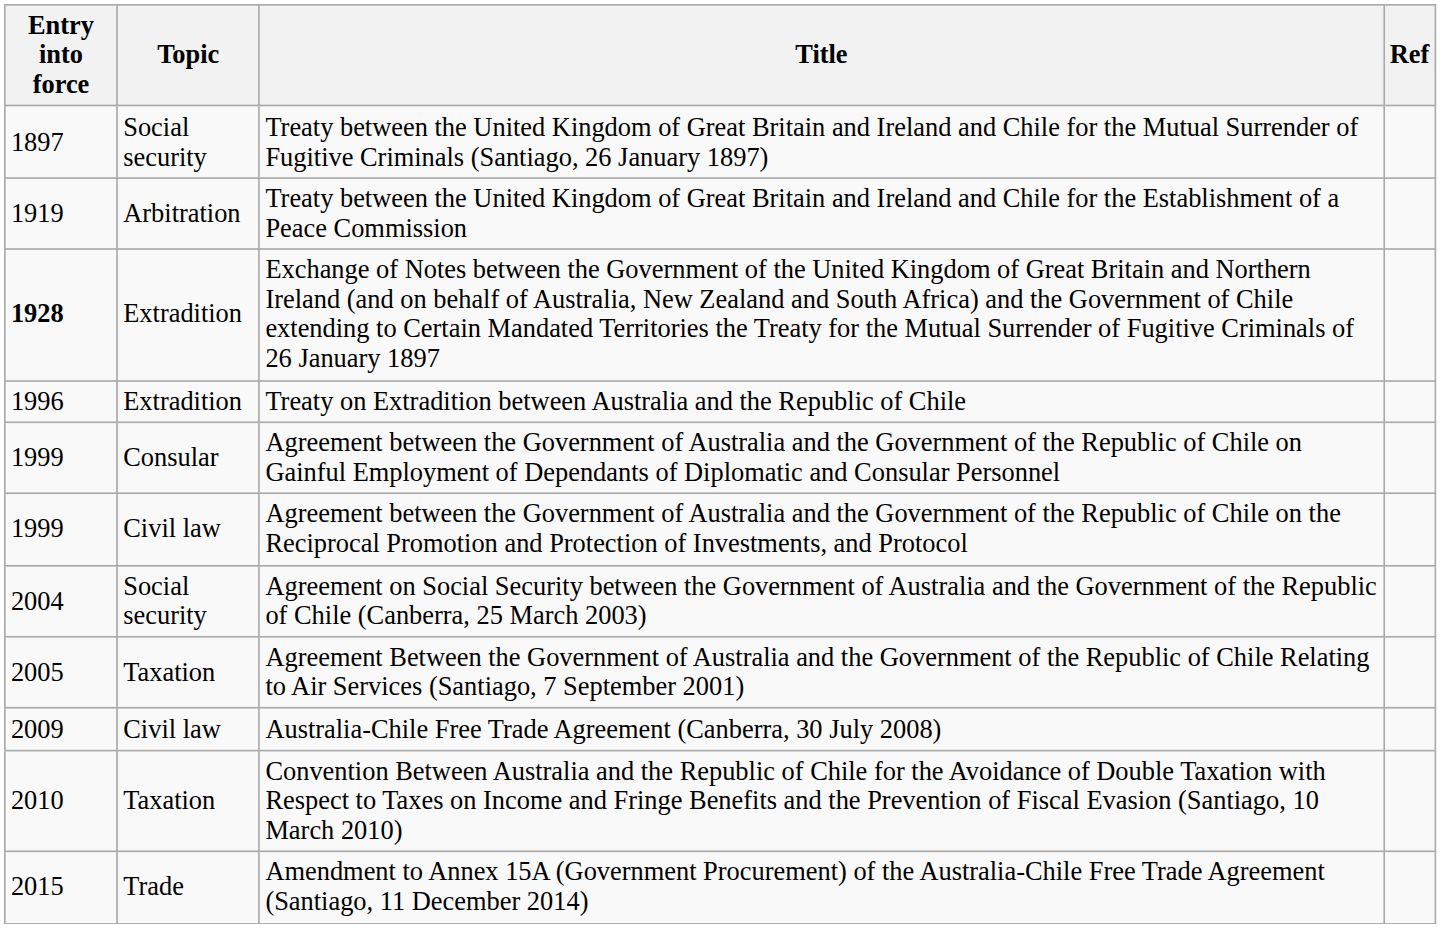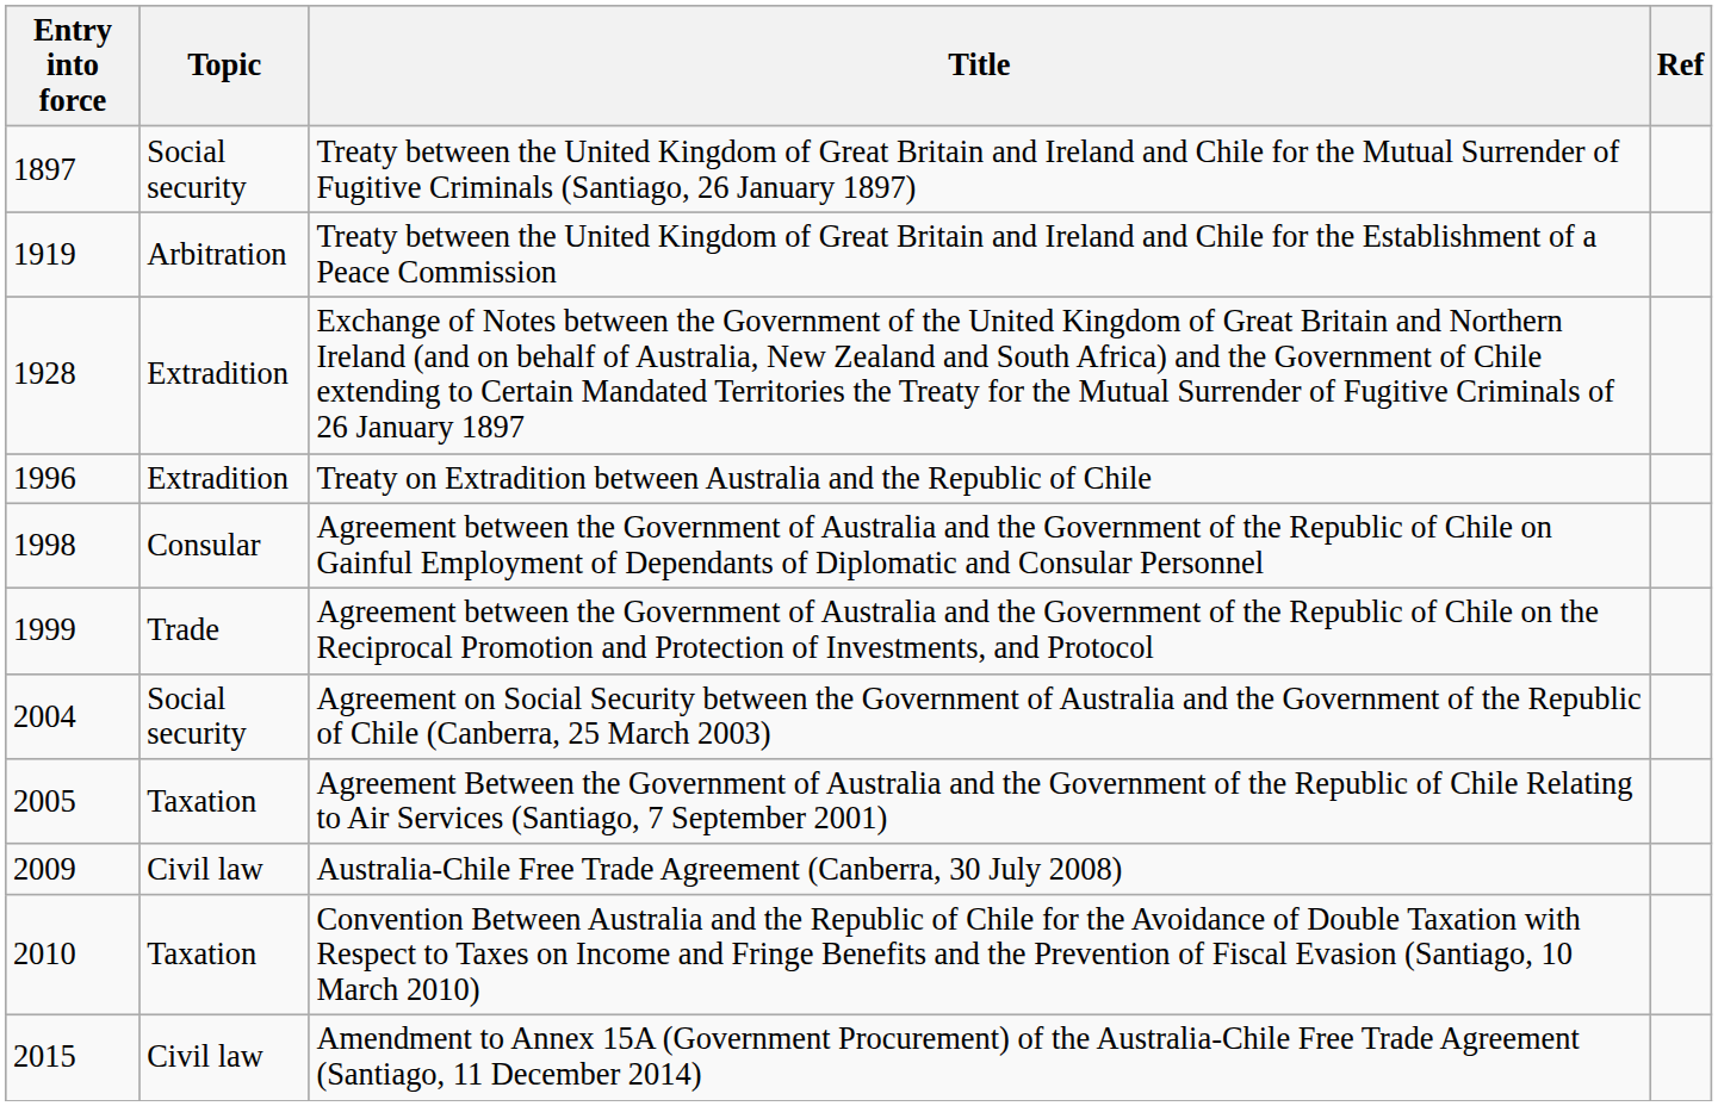 <table class="wikitable sortable">
 <tr>
 <th>Entry into force</th>
 <th>Topic</th>
 <th>Title</th>
 <th>Ref</th>
 </tr>
 <tr>
 <td>1897</td>
 <td>Social security</td>
 <td>Treaty between the United Kingdom of Great Britain and Ireland and Chile for the Mutual Surrender of Fugitive Criminals (Santiago, 26 January 1897)</td>
 <td></td>
 </tr>
 <tr>
 <td>1919</td>
 <td>Arbitration</td>
 <td>Treaty between the United Kingdom of Great Britain and Ireland and Chile for the Establishment of a Peace Commission</td>
 <td></td>
 </tr>
 <tr>
-<td><strong>1928</strong></td>
+<td>1928</td>
 <td>Extradition</td>
 <td>Exchange of Notes between the Government of the United Kingdom of Great Britain and Northern Ireland (and on behalf of Australia, New Zealand and South Africa) and the Government of Chile extending to Certain Mandated Territories the Treaty for the Mutual Surrender of Fugitive Criminals of 26 January 1897</td>
 <td></td>
 </tr>
 <tr>
 <td>1996</td>
 <td>Extradition</td>
 <td>Treaty on Extradition between Australia and the Republic of Chile</td>
 <td></td>
 </tr>
 <tr>
-<td>1999</td>
+<td>1998</td>
 <td>Consular</td>
 <td>Agreement between the Government of Australia and the Government of the Republic of Chile on Gainful Employment of Dependants of Diplomatic and Consular Personnel</td>
 <td></td>
 </tr>
 <tr>
 <td>1999</td>
-<td>Civil law</td>
+<td>Trade</td>
 <td>Agreement between the Government of Australia and the Government of the Republic of Chile on the Reciprocal Promotion and Protection of Investments, and Protocol</td>
 <td></td>
 </tr>
 <tr>
 <td>2004</td>
 <td>Social security</td>
 <td>Agreement on Social Security between the Government of Australia and the Government of the Republic of Chile (Canberra, 25 March 2003)</td>
 <td></td>
 </tr>
 <tr>
 <td>2005</td>
 <td>Taxation</td>
 <td>Agreement Between the Government of Australia and the Government of the Republic of Chile Relating to Air Services (Santiago, 7 September 2001)</td>
 <td></td>
 </tr>
 <tr>
 <td>2009</td>
 <td>Civil law</td>
 <td>Australia-Chile Free Trade Agreement (Canberra, 30 July 2008)</td>
 <td></td>
 </tr>
 <tr>
 <td>2010</td>
 <td>Taxation</td>
 <td>Convention Between Australia and the Republic of Chile for the Avoidance of Double Taxation with Respect to Taxes on Income and Fringe Benefits and the Prevention of Fiscal Evasion (Santiago, 10 March 2010)</td>
 <td></td>
 </tr>
 <tr>
 <td>2015</td>
-<td>Trade</td>
+<td>Civil law</td>
 <td>Amendment to Annex 15A (Government Procurement) of the Australia-Chile Free Trade Agreement (Santiago, 11 December 2014)</td>
 <td></td>
 </tr>
 </table>
